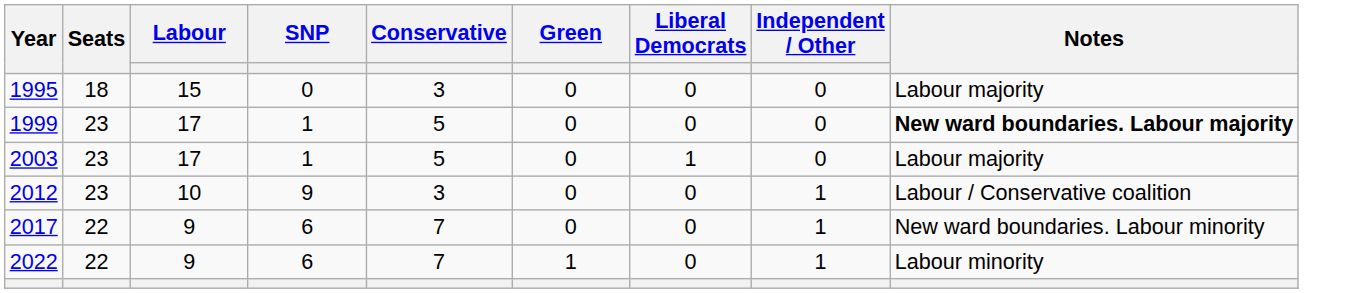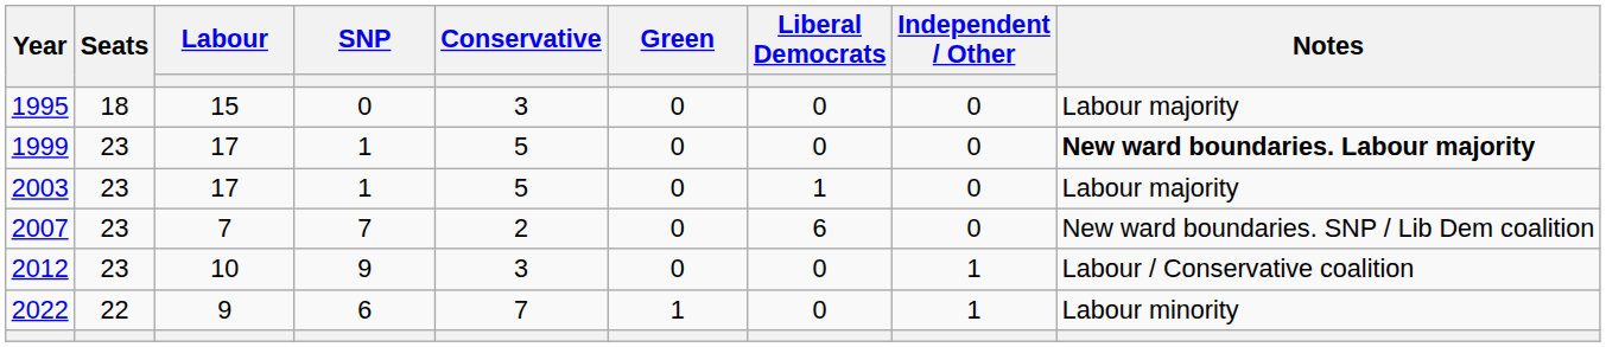 <table class="wikitable" style=text-align:center>
 <tr>
 <th rowspan=2><strong>Year</strong></th>
 <th rowspan=2><strong>Seats</strong></th>
 <th width="80"><a href='#'><strong>Labour</strong></a></th>
 <th width="80"><a href='#'><strong>SNP</strong></a></th>
 <th width="80"><strong><a href='#'>Conservative</a></strong></th>
 <th width="80"><a href='#'><strong>Green</strong></a></th>
 <th width="80"><a href='#'><strong>Liberal Democrats</strong></a></th>
 <th width="80"><a href='#'><strong>Independent / Other</strong></a></th>
 <th rowspan=2><strong>Notes</strong></th>
 </tr>
 <tr>
 <th style="background-color: "></th>
 <th style="background-color: "></th>
 <th style="background-color: "></th>
 <th style="background-color: "></th>
 <th style="background-color: "></th>
 <th style="background-color: "></th>
 </tr>
 <tr>
 <td><a href='#'>1995</a></td>
 <td>18</td>
 <td>15</td>
 <td>0</td>
 <td>3</td>
 <td>0</td>
 <td>0</td>
 <td>0</td>
 <td align=left>Labour majority</td>
 </tr>
 <tr>
 <td><a href='#'>1999</a></td>
 <td>23</td>
 <td>17</td>
 <td>1</td>
 <td>5</td>
 <td>0</td>
 <td>0</td>
 <td>0</td>
 <td align=left><strong>New ward boundaries. Labour majority</strong></td>
 </tr>
 <tr>
 <td><a href='#'>2003</a></td>
 <td>23</td>
 <td>17</td>
 <td>1</td>
 <td>5</td>
 <td>0</td>
 <td>1</td>
 <td>0</td>
 <td align=left>Labour majority</td>
 </tr>
 <tr>
+<td><a href='#'>2007</a></td>
+<td>23</td>
+<td>7</td>
+<td>7</td>
+<td>2</td>
+<td>0</td>
+<td>6</td>
+<td>0</td>
+<td align=left>New ward boundaries. SNP / Lib Dem coalition</td>
+</tr>
+<tr>
 <td><a href='#'>2012</a></td>
 <td>23</td>
 <td>10</td>
 <td>9</td>
 <td>3</td>
 <td>0</td>
 <td>0</td>
 <td>1</td>
 <td align=left>Labour / Conservative coalition</td>
-</tr>
-<tr>
-<td><a href='#'>2017</a></td>
-<td>22</td>
-<td>9</td>
-<td>6</td>
-<td>7</td>
-<td>0</td>
-<td>0</td>
-<td>1</td>
-<td align=left>New ward boundaries. Labour minority</td>
 </tr>
 <tr>
 <td><a href='#'>2022</a></td>
 <td>22</td>
 <td>9</td>
 <td>6</td>
 <td>7</td>
 <td>1</td>
 <td>0</td>
 <td>1</td>
 <td align=left>Labour minority</td>
 </tr>
 <tr>
 <th></th>
 <th></th>
 <th style="background-color: "></th>
 <th style="background-color: "></th>
 <th style="background-color: "></th>
 <th style="background-color: "></th>
 <th style="background-color: "></th>
 <th style="background-color: "></th>
 <th></th>
 </tr>
 </table>
